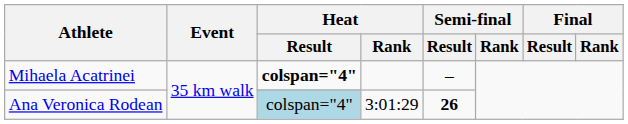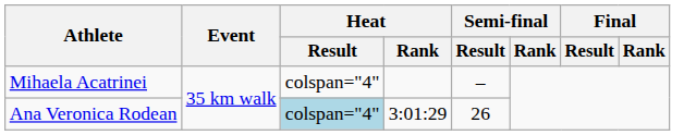 <table class="wikitable" style="font-size:90%">
 <tr>
 <th rowspan="2">Athlete</th>
 <th rowspan="2">Event</th>
 <th colspan="2">Heat</th>
 <th colspan="2">Semi-final</th>
 <th colspan="2">Final</th>
 </tr>
 <tr style="font-size:95%">
 <th>Result</th>
 <th>Rank</th>
 <th>Result</th>
 <th>Rank</th>
 <th>Result</th>
 <th>Rank</th>
 </tr>
 <tr align=center>
 <td align="left"><a href='#'>Mihaela Acatrinei</a></td>
 <td rowspan="2" align="left"><a href='#'>35 km walk</a></td>
-<td><strong>colspan="4" </strong></td>
+<td>colspan="4" </td>
 <td></td>
 <td>–</td>
 </tr>
 <tr align=center>
 <td align="left"><a href='#'>Ana Veronica Rodean</a></td>
 <td style="background: lightblue;">colspan="4" </td>
 <td>3:01:29 </td>
-<td><strong>26</strong></td>
+<td>26</td>
 </tr>
 </table>
